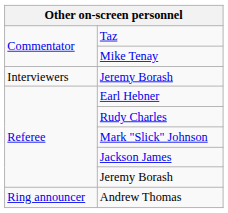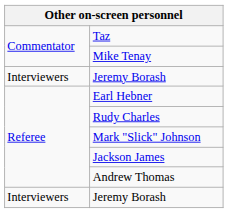 <table align="right" class="wikitable" style="border:1px; font-size:90%; margin-left:1em;">
 <tr>
 <th colspan="2" width="250"><strong>Other on-screen personnel</strong></th>
 </tr>
 <tr>
 <td rowspan=2><a href='#'>Commentator</a></td>
 <td><a href='#'>Taz</a></td>
 </tr>
 <tr>
 <td><a href='#'>Mike Tenay</a></td>
 </tr>
 <tr>
 <td rowspan=1>Interviewers</td>
 <td><a href='#'>Jeremy Borash</a></td>
 </tr>
 <tr>
 <td rowspan="5"><a href='#'>Referee</a></td>
 <td><a href='#'>Earl Hebner</a></td>
 </tr>
 <tr>
 <td><a href='#'>Rudy Charles</a></td>
 </tr>
 <tr>
 <td><a href='#'>Mark "Slick" Johnson</a></td>
 </tr>
 <tr>
 <td><a href='#'>Jackson James</a></td>
 </tr>
 <tr>
-<td>Jeremy Borash</td>
+<td>Andrew Thomas</td>
 </tr>
 <tr>
-<td><a href='#'>Ring announcer</a></td>
-<td>Andrew Thomas</td>
+<td rowspan=1>Interviewers</td>
+<td>Jeremy Borash</td>
 </tr>
 <tr>
 </tr>
 </table>
